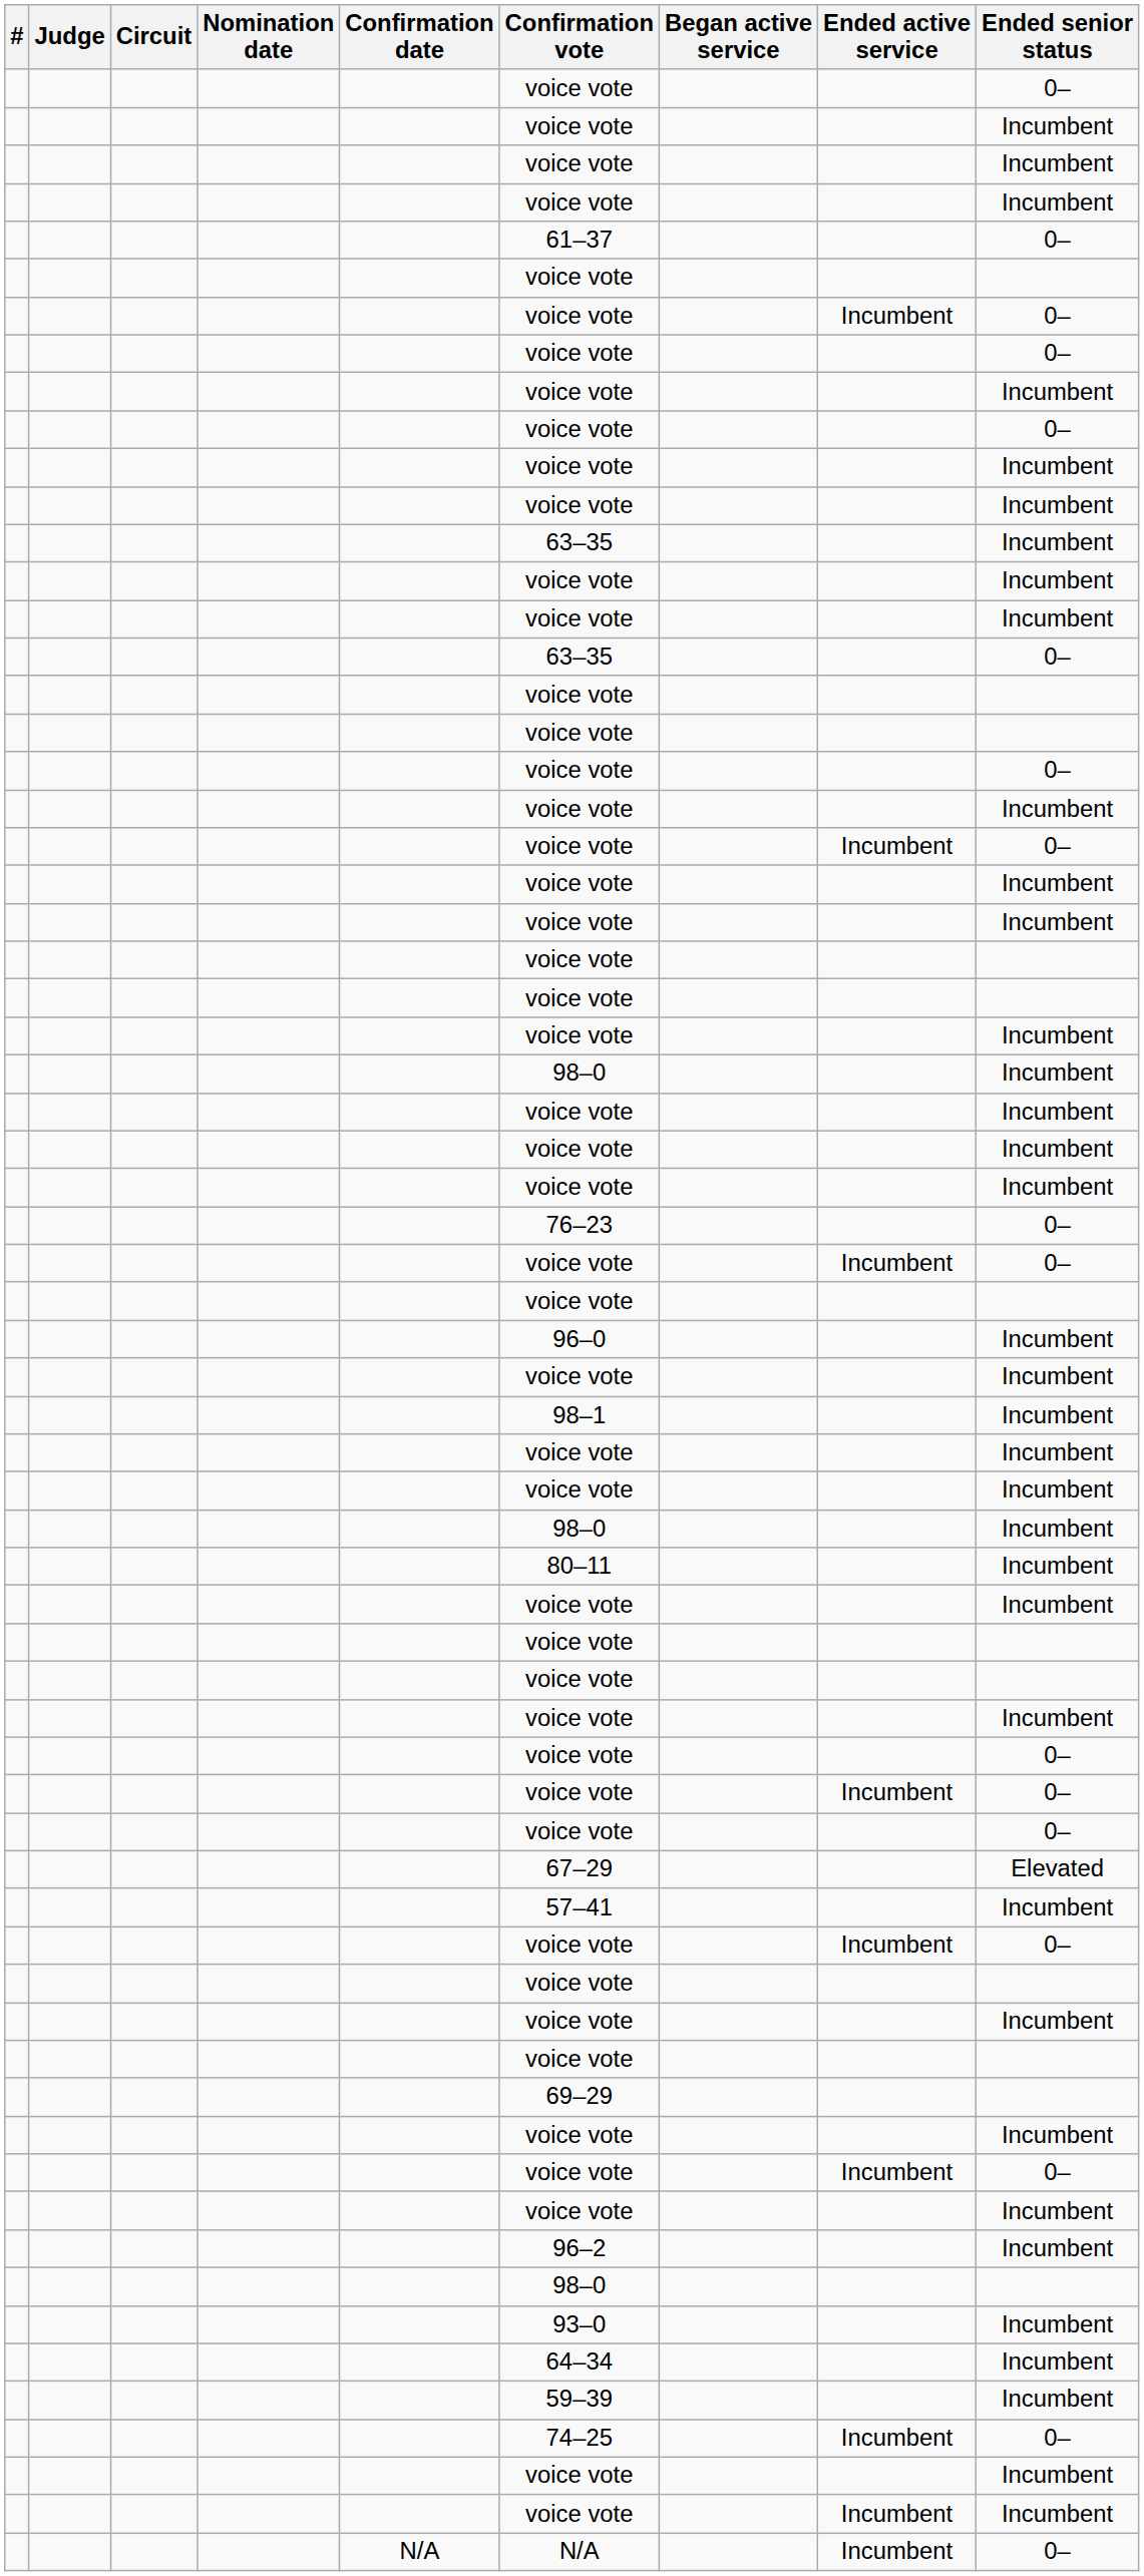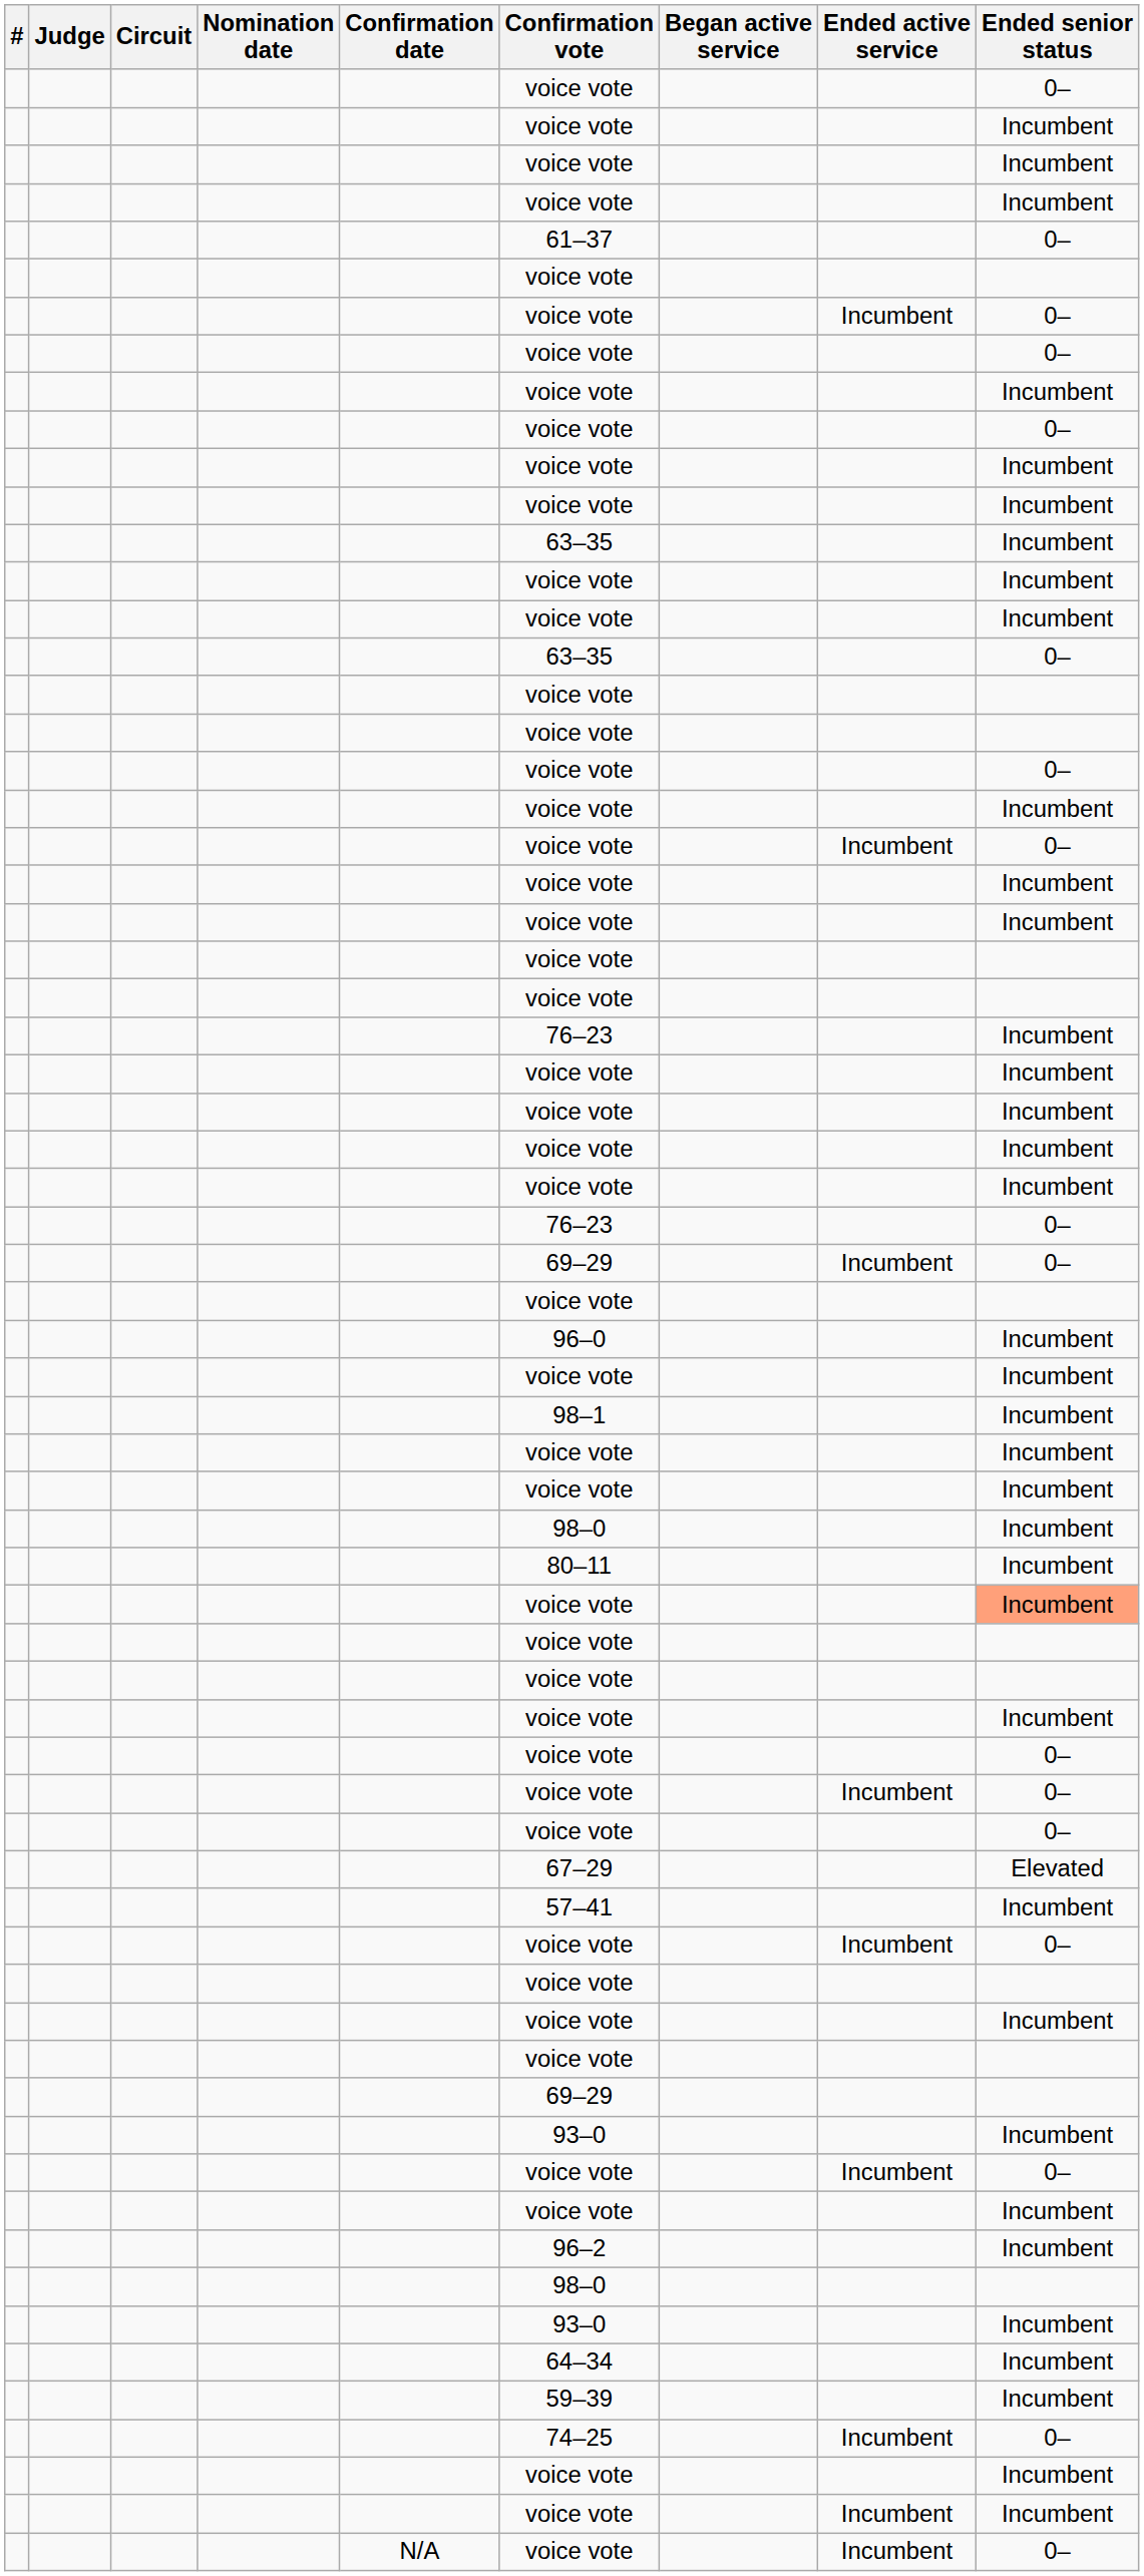 <table class="sortable wikitable">
 <tr>
 <th>#</th>
 <th>Judge</th>
 <th>Circuit</th>
 <th>Nomination<br>date</th>
 <th>Confirmation<br>date</th>
 <th>Confirmation<br>vote</th>
 <th>Began active<br>service</th>
 <th>Ended active<br>service</th>
 <th>Ended senior<br>status</th>
 </tr>
 <tr>
 <td></td>
 <td></td>
 <td></td>
 <td></td>
 <td></td>
 <td align=center>voice vote</td>
 <td></td>
 <td></td>
 <td align=center><span>0</span>–</td>
 </tr>
 <tr>
 <td></td>
 <td></td>
 <td></td>
 <td></td>
 <td></td>
 <td align=center>voice vote</td>
 <td></td>
 <td></td>
 <td align=center>Incumbent</td>
 </tr>
 <tr>
 <td></td>
 <td></td>
 <td></td>
 <td></td>
 <td></td>
 <td align=center>voice vote</td>
 <td></td>
 <td></td>
 <td align=center>Incumbent</td>
 </tr>
 <tr>
 <td></td>
 <td></td>
 <td></td>
 <td></td>
 <td></td>
 <td align=center>voice vote</td>
 <td></td>
 <td></td>
 <td align=center>Incumbent</td>
 </tr>
 <tr>
 <td></td>
 <td></td>
 <td></td>
 <td></td>
 <td></td>
 <td align=center>61–37</td>
 <td></td>
 <td></td>
 <td align=center><span>0</span>–</td>
 </tr>
 <tr>
 <td></td>
 <td></td>
 <td></td>
 <td></td>
 <td></td>
 <td align=center>voice vote</td>
 <td></td>
 <td></td>
 <td></td>
 </tr>
 <tr>
 <td></td>
 <td></td>
 <td></td>
 <td></td>
 <td></td>
 <td align=center>voice vote</td>
 <td></td>
 <td align=center>Incumbent</td>
 <td align=center><span>0</span>–</td>
 </tr>
 <tr>
 <td></td>
 <td></td>
 <td></td>
 <td></td>
 <td></td>
 <td align=center>voice vote</td>
 <td></td>
 <td></td>
 <td align=center><span>0</span>–</td>
 </tr>
 <tr>
 <td></td>
 <td></td>
 <td></td>
 <td></td>
 <td></td>
 <td align=center>voice vote</td>
 <td></td>
 <td></td>
 <td align=center>Incumbent</td>
 </tr>
 <tr>
 <td></td>
 <td></td>
 <td></td>
 <td></td>
 <td></td>
 <td align=center>voice vote</td>
 <td></td>
 <td></td>
 <td align=center><span>0</span>–</td>
 </tr>
 <tr>
 <td></td>
 <td></td>
 <td></td>
 <td></td>
 <td></td>
 <td align=center>voice vote</td>
 <td></td>
 <td></td>
 <td align=center>Incumbent</td>
 </tr>
 <tr>
 <td></td>
 <td></td>
 <td></td>
 <td></td>
 <td></td>
 <td align=center>voice vote</td>
 <td></td>
 <td></td>
 <td align=center>Incumbent</td>
 </tr>
 <tr>
 <td></td>
 <td></td>
 <td></td>
 <td></td>
 <td></td>
 <td align=center>63–35</td>
 <td></td>
 <td></td>
 <td align=center>Incumbent</td>
 </tr>
 <tr>
 <td></td>
 <td></td>
 <td></td>
 <td></td>
 <td></td>
 <td align=center>voice vote</td>
 <td></td>
 <td></td>
 <td align=center>Incumbent</td>
 </tr>
 <tr>
 <td></td>
 <td></td>
 <td></td>
 <td></td>
 <td></td>
 <td align=center>voice vote</td>
 <td></td>
 <td></td>
 <td align=center>Incumbent</td>
 </tr>
 <tr>
 <td></td>
 <td></td>
 <td></td>
 <td></td>
 <td></td>
 <td align=center>63–35</td>
 <td></td>
 <td></td>
 <td align=center><span>0</span>–</td>
 </tr>
 <tr>
 <td></td>
 <td></td>
 <td></td>
 <td></td>
 <td></td>
 <td align=center>voice vote</td>
 <td></td>
 <td></td>
 <td></td>
 </tr>
 <tr>
 <td></td>
 <td></td>
 <td></td>
 <td></td>
 <td></td>
 <td align=center>voice vote</td>
 <td></td>
 <td></td>
 <td></td>
 </tr>
 <tr>
 <td></td>
 <td></td>
 <td></td>
 <td></td>
 <td></td>
 <td align=center>voice vote</td>
 <td></td>
 <td></td>
 <td align=center><span>0</span>–</td>
 </tr>
 <tr>
 <td></td>
 <td></td>
 <td></td>
 <td></td>
 <td></td>
 <td align=center>voice vote</td>
 <td></td>
 <td></td>
 <td align="center">Incumbent</td>
 </tr>
 <tr>
 <td></td>
 <td></td>
 <td></td>
 <td></td>
 <td></td>
 <td align=center>voice vote</td>
 <td></td>
 <td align=center>Incumbent</td>
 <td align=center><span>0</span>–</td>
 </tr>
 <tr>
 <td></td>
 <td></td>
 <td></td>
 <td></td>
 <td></td>
 <td align=center>voice vote</td>
 <td></td>
 <td></td>
 <td align=center>Incumbent</td>
 </tr>
 <tr>
 <td></td>
 <td></td>
 <td></td>
 <td></td>
 <td></td>
 <td align=center>voice vote</td>
 <td></td>
 <td></td>
 <td align=center>Incumbent</td>
 </tr>
 <tr>
 <td></td>
 <td></td>
 <td></td>
 <td></td>
 <td></td>
 <td align=center>voice vote</td>
 <td></td>
 <td></td>
 <td></td>
 </tr>
 <tr>
 <td></td>
 <td></td>
 <td></td>
 <td></td>
 <td></td>
 <td align=center>voice vote</td>
 <td></td>
 <td></td>
 <td></td>
 </tr>
 <tr>
 <td></td>
 <td></td>
 <td></td>
 <td></td>
 <td></td>
-<td align=center>voice vote</td>
+<td align=center>76–23</td>
 <td></td>
 <td></td>
 <td align=center>Incumbent</td>
 </tr>
 <tr>
 <td></td>
 <td></td>
 <td></td>
 <td></td>
 <td></td>
-<td align=center>98–0</td>
+<td align=center>voice vote</td>
 <td></td>
 <td></td>
 <td align=center>Incumbent</td>
 </tr>
 <tr>
 <td></td>
 <td></td>
 <td></td>
 <td></td>
 <td></td>
 <td align=center>voice vote</td>
 <td></td>
 <td></td>
 <td align=center>Incumbent</td>
 </tr>
 <tr>
 <td></td>
 <td></td>
 <td></td>
 <td></td>
 <td></td>
 <td align=center>voice vote</td>
 <td></td>
 <td></td>
 <td align=center>Incumbent</td>
 </tr>
 <tr>
 <td></td>
 <td></td>
 <td></td>
 <td></td>
 <td></td>
 <td align=center>voice vote</td>
 <td></td>
 <td></td>
 <td align=center>Incumbent</td>
 </tr>
 <tr>
 <td></td>
 <td></td>
 <td></td>
 <td></td>
 <td></td>
 <td align=center>76–23</td>
 <td></td>
 <td></td>
 <td align=center><span>0</span>–</td>
 </tr>
 <tr>
 <td></td>
 <td></td>
 <td></td>
 <td></td>
 <td></td>
-<td align=center>voice vote</td>
+<td align=center>69–29</td>
 <td></td>
 <td align=center>Incumbent</td>
 <td align=center><span>0</span>–</td>
 </tr>
 <tr>
 <td></td>
 <td></td>
 <td></td>
 <td></td>
 <td></td>
 <td align=center>voice vote</td>
 <td></td>
 <td></td>
 <td></td>
 </tr>
 <tr>
 <td></td>
 <td></td>
 <td></td>
 <td></td>
 <td></td>
 <td align=center>96–0</td>
 <td></td>
 <td></td>
 <td align=center>Incumbent</td>
 </tr>
 <tr>
 <td></td>
 <td></td>
 <td></td>
 <td></td>
 <td></td>
 <td align=center>voice vote</td>
 <td></td>
 <td></td>
 <td align=center>Incumbent</td>
 </tr>
 <tr>
 <td></td>
 <td></td>
 <td></td>
 <td></td>
 <td></td>
 <td align=center>98–1</td>
 <td></td>
 <td></td>
 <td align=center>Incumbent</td>
 </tr>
 <tr>
 <td></td>
 <td></td>
 <td></td>
 <td></td>
 <td></td>
 <td align=center>voice vote</td>
 <td></td>
 <td></td>
 <td align=center>Incumbent</td>
 </tr>
 <tr>
 <td></td>
 <td></td>
 <td></td>
 <td></td>
 <td></td>
 <td align=center>voice vote</td>
 <td></td>
 <td></td>
 <td align=center>Incumbent</td>
 </tr>
 <tr>
 <td></td>
 <td></td>
 <td></td>
 <td></td>
 <td></td>
 <td align=center>98–0</td>
 <td></td>
 <td></td>
 <td align=center>Incumbent</td>
 </tr>
 <tr>
 <td></td>
 <td></td>
 <td></td>
 <td></td>
 <td></td>
 <td align=center>80–11</td>
 <td></td>
 <td></td>
 <td align=center>Incumbent</td>
 </tr>
 <tr>
 <td></td>
 <td></td>
 <td></td>
 <td></td>
 <td></td>
 <td align=center>voice vote</td>
 <td></td>
 <td></td>
-<td align=center>Incumbent</td>
+<td align=center style="background: lightsalmon;">Incumbent</td>
 </tr>
 <tr>
 <td></td>
 <td></td>
 <td></td>
 <td></td>
 <td></td>
 <td align=center>voice vote</td>
 <td></td>
 <td></td>
 <td></td>
 </tr>
 <tr>
 <td></td>
 <td></td>
 <td></td>
 <td></td>
 <td></td>
 <td align=center>voice vote</td>
 <td></td>
 <td></td>
 <td></td>
 </tr>
 <tr>
 <td></td>
 <td></td>
 <td></td>
 <td></td>
 <td></td>
 <td align=center>voice vote</td>
 <td></td>
 <td></td>
 <td align=center>Incumbent</td>
 </tr>
 <tr>
 <td></td>
 <td></td>
 <td></td>
 <td></td>
 <td></td>
 <td align=center>voice vote</td>
 <td></td>
 <td></td>
 <td align=center><span>0</span>–</td>
 </tr>
 <tr>
 <td></td>
 <td></td>
 <td></td>
 <td></td>
 <td></td>
 <td align=center>voice vote</td>
 <td></td>
 <td align=center>Incumbent</td>
 <td align=center><span>0</span>–</td>
 </tr>
 <tr>
 <td></td>
 <td></td>
 <td></td>
 <td></td>
 <td></td>
 <td align=center>voice vote</td>
 <td></td>
 <td></td>
 <td align=center><span>0</span>–</td>
 </tr>
 <tr>
 <td></td>
 <td></td>
 <td></td>
 <td></td>
 <td></td>
 <td align=center>67–29</td>
 <td></td>
 <td></td>
 <td align=center>Elevated</td>
 </tr>
 <tr>
 <td></td>
 <td></td>
 <td></td>
 <td></td>
 <td></td>
 <td align=center>57–41</td>
 <td></td>
 <td></td>
 <td align=center>Incumbent</td>
 </tr>
 <tr>
 <td></td>
 <td></td>
 <td></td>
 <td></td>
 <td></td>
 <td align=center>voice vote</td>
 <td></td>
 <td align=center>Incumbent</td>
 <td align=center><span>0</span>–</td>
 </tr>
 <tr>
 <td></td>
 <td></td>
 <td></td>
 <td></td>
 <td></td>
 <td align=center>voice vote</td>
 <td></td>
 <td></td>
 <td></td>
 </tr>
 <tr>
 <td></td>
 <td></td>
 <td></td>
 <td></td>
 <td></td>
 <td align=center>voice vote</td>
 <td></td>
 <td></td>
 <td align=center>Incumbent</td>
 </tr>
 <tr>
 <td></td>
 <td></td>
 <td></td>
 <td></td>
 <td></td>
 <td align=center>voice vote</td>
 <td></td>
 <td></td>
 <td></td>
 </tr>
 <tr>
 <td></td>
 <td></td>
 <td></td>
 <td></td>
 <td></td>
 <td align=center>69–29</td>
 <td></td>
 <td></td>
 <td></td>
 </tr>
 <tr>
 <td></td>
 <td></td>
 <td></td>
 <td></td>
 <td></td>
-<td align=center>voice vote</td>
+<td align=center>93–0</td>
 <td></td>
 <td></td>
 <td align=center>Incumbent</td>
 </tr>
 <tr>
 <td></td>
 <td></td>
 <td></td>
 <td></td>
 <td></td>
 <td align=center>voice vote</td>
 <td></td>
 <td align=center>Incumbent</td>
 <td align=center><span>0</span>–</td>
 </tr>
 <tr>
 <td></td>
 <td></td>
 <td></td>
 <td></td>
 <td></td>
 <td align=center>voice vote</td>
 <td></td>
 <td></td>
 <td align=center>Incumbent</td>
 </tr>
 <tr>
 <td></td>
 <td></td>
 <td></td>
 <td></td>
 <td></td>
 <td align=center>96–2</td>
 <td></td>
 <td></td>
 <td align=center>Incumbent</td>
 </tr>
 <tr>
 <td></td>
 <td></td>
 <td></td>
 <td></td>
 <td></td>
 <td align=center>98–0</td>
 <td></td>
 <td></td>
 <td></td>
 </tr>
 <tr>
 <td></td>
 <td></td>
 <td></td>
 <td></td>
 <td></td>
 <td align=center>93–0</td>
 <td></td>
 <td></td>
 <td align=center>Incumbent</td>
 </tr>
 <tr>
 <td></td>
 <td></td>
 <td></td>
 <td></td>
 <td></td>
 <td align=center>64–34</td>
 <td></td>
 <td></td>
 <td align=center>Incumbent</td>
 </tr>
 <tr>
 <td></td>
 <td></td>
 <td></td>
 <td></td>
 <td></td>
 <td align=center>59–39</td>
 <td></td>
 <td></td>
 <td align=center>Incumbent</td>
 </tr>
 <tr>
 <td></td>
 <td></td>
 <td></td>
 <td></td>
 <td></td>
 <td align=center>74–25</td>
 <td></td>
 <td align=center>Incumbent</td>
 <td align=center><span>0</span>–</td>
 </tr>
 <tr>
 <td></td>
 <td></td>
 <td></td>
 <td></td>
 <td></td>
 <td align=center>voice vote</td>
 <td></td>
 <td></td>
 <td align=center>Incumbent</td>
 </tr>
 <tr>
 <td></td>
 <td></td>
 <td></td>
 <td></td>
 <td></td>
 <td align=center>voice vote</td>
 <td></td>
 <td align=center>Incumbent</td>
 <td align=center>Incumbent</td>
 </tr>
 <tr>
 <td></td>
 <td></td>
 <td></td>
 <td></td>
 <td align=center>N/A</td>
-<td align=center>N/A</td>
+<td align=center>voice vote</td>
 <td></td>
 <td align=center>Incumbent</td>
 <td align=center><span>0</span>–</td>
 </tr>
 </table>
